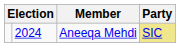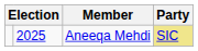 <table class="wikitable">
 <tr>
 <th colspan="2">Election</th>
 <th>Member</th>
 <th>Party</th>
 </tr>
 <tr>
 <td style="background-color: "></td>
-<td><a href='#'>2024</a></td>
+<td><a href='#'>2025</a></td>
 <td><a href='#'>Aneeqa Mehdi</a></td>
 <td style="background: khaki;"><a href='#'>SIC</a></td>
 </tr>
 </table>
